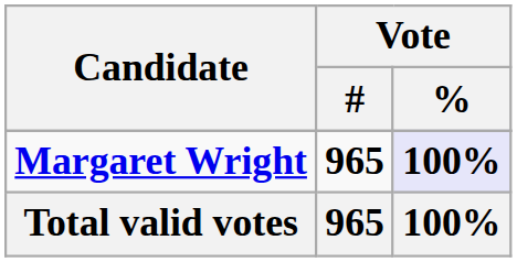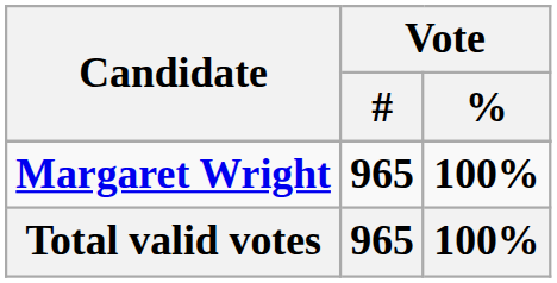 <table class="wikitable sortable plainrowheaders" style="text-align:right;">
 <tr>
 <th rowspan="2">Candidate</th>
 <th colspan="2">Vote</th>
 </tr>
 <tr>
 <th>#</th>
 <th>%</th>
 </tr>
 <tr>
 </tr>
 <tr>
 <td style="text-align:left;"><strong><a href='#'>Margaret Wright</a></strong></td>
 <td><strong>965</strong></td>
-<td style="background: lavender;"><strong>100%</strong></td>
+<td><strong>100%</strong></td>
 </tr>
 <tr class="sortbottom">
 <th>Total valid votes</th>
 <th>965</th>
 <th>100%</th>
 </tr>
 </table>
